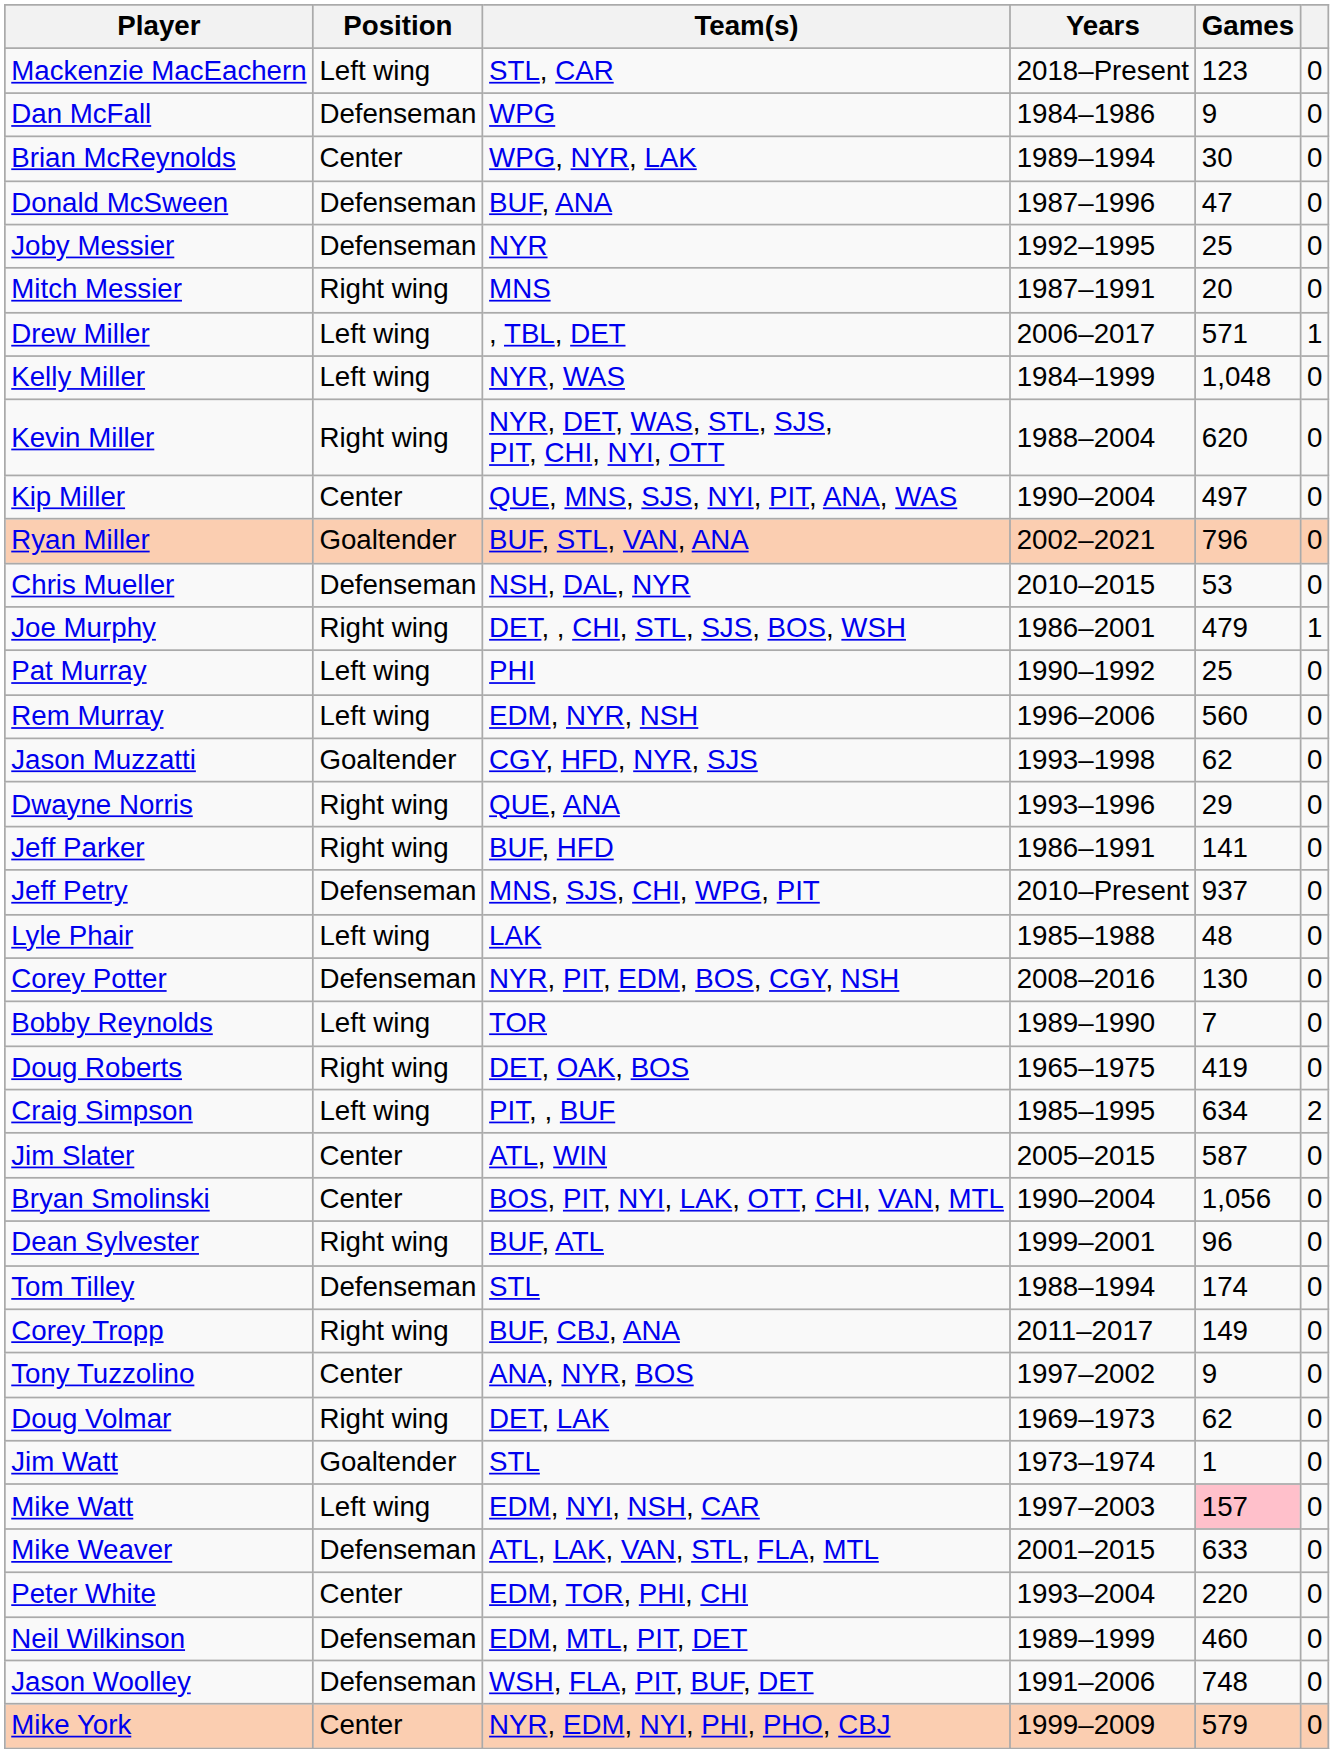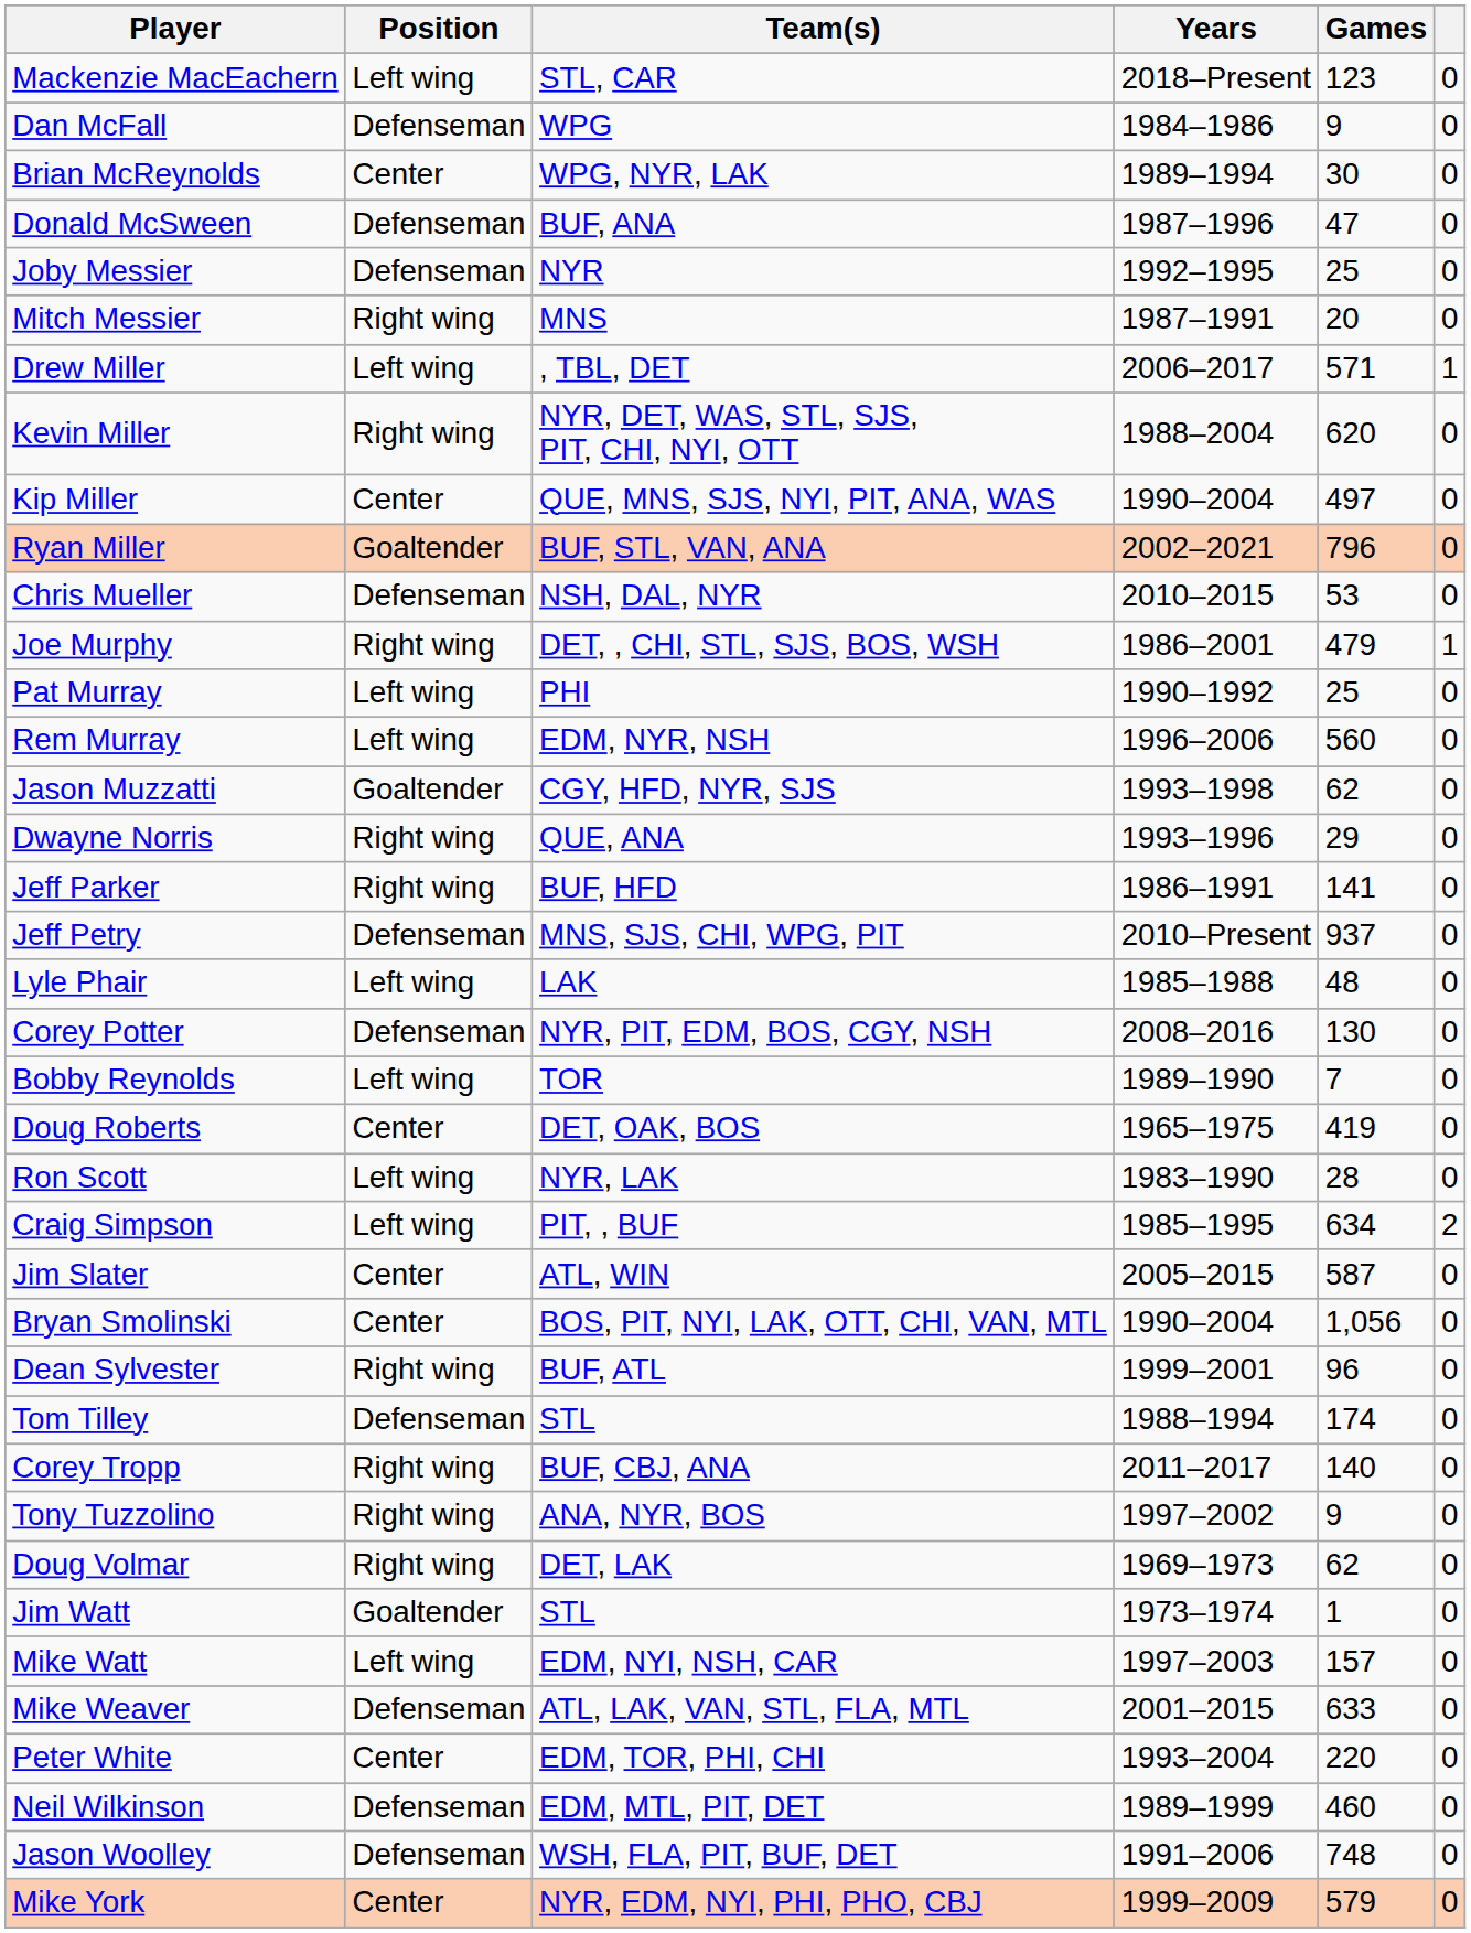 <table class="wikitable sortable">
 <tr>
 <th>Player</th>
 <th>Position</th>
 <th>Team(s)</th>
 <th>Years</th>
 <th>Games</th>
 <th><a href='#'></a></th>
 </tr>
 <tr>
 <td><a href='#'>Mackenzie MacEachern</a></td>
 <td>Left wing</td>
 <td><a href='#'>STL</a>, <a href='#'>CAR</a></td>
 <td>2018–Present</td>
 <td>123</td>
 <td>0</td>
 </tr>
 <tr>
 <td><a href='#'>Dan McFall</a></td>
 <td>Defenseman</td>
 <td><a href='#'>WPG</a></td>
 <td>1984–1986</td>
 <td>9</td>
 <td>0</td>
 </tr>
 <tr>
 <td><a href='#'>Brian McReynolds</a></td>
 <td>Center</td>
 <td><a href='#'>WPG</a>, <a href='#'>NYR</a>, <a href='#'>LAK</a></td>
 <td>1989–1994</td>
 <td>30</td>
 <td>0</td>
 </tr>
 <tr>
 <td><a href='#'>Donald McSween</a></td>
 <td>Defenseman</td>
 <td><a href='#'>BUF</a>, <a href='#'>ANA</a></td>
 <td>1987–1996</td>
 <td>47</td>
 <td>0</td>
 </tr>
 <tr>
 <td><a href='#'>Joby Messier</a></td>
 <td>Defenseman</td>
 <td><a href='#'>NYR</a></td>
 <td>1992–1995</td>
 <td>25</td>
 <td>0</td>
 </tr>
 <tr>
 <td><a href='#'>Mitch Messier</a></td>
 <td>Right wing</td>
 <td><a href='#'>MNS</a></td>
 <td>1987–1991</td>
 <td>20</td>
 <td>0</td>
 </tr>
 <tr>
 <td><a href='#'>Drew Miller</a></td>
 <td>Left wing</td>
 <td><span><strong></strong></span>, <a href='#'>TBL</a>, <a href='#'>DET</a></td>
 <td>2006–2017</td>
 <td>571</td>
 <td>1</td>
-</tr>
-<tr>
-<td><a href='#'>Kelly Miller</a></td>
-<td>Left wing</td>
-<td><a href='#'>NYR</a>, <a href='#'>WAS</a></td>
-<td>1984–1999</td>
-<td>1,048</td>
-<td>0</td>
 </tr>
 <tr>
 <td><a href='#'>Kevin Miller</a></td>
 <td>Right wing</td>
 <td><a href='#'>NYR</a>, <a href='#'>DET</a>, <a href='#'>WAS</a>, <a href='#'>STL</a>, <a href='#'>SJS</a>, <br><a href='#'>PIT</a>, <a href='#'>CHI</a>, <a href='#'>NYI</a>, <a href='#'>OTT</a></td>
 <td>1988–2004</td>
 <td>620</td>
 <td>0</td>
 </tr>
 <tr>
 <td><a href='#'>Kip Miller</a></td>
 <td>Center</td>
 <td><a href='#'>QUE</a>, <a href='#'>MNS</a>, <a href='#'>SJS</a>, <a href='#'>NYI</a>, <a href='#'>PIT</a>, <a href='#'>ANA</a>, <a href='#'>WAS</a></td>
 <td>1990–2004</td>
 <td>497</td>
 <td>0</td>
 </tr>
 <tr bgcolor=FBCEB1>
 <td><a href='#'>Ryan Miller</a></td>
 <td>Goaltender</td>
 <td><a href='#'>BUF</a>, <a href='#'>STL</a>, <a href='#'>VAN</a>, <a href='#'>ANA</a></td>
 <td>2002–2021</td>
 <td>796</td>
 <td>0</td>
 </tr>
 <tr>
 <td><a href='#'>Chris Mueller</a></td>
 <td>Defenseman</td>
 <td><a href='#'>NSH</a>, <a href='#'>DAL</a>, <a href='#'>NYR</a></td>
 <td>2010–2015</td>
 <td>53</td>
 <td>0</td>
 </tr>
 <tr>
 <td><a href='#'>Joe Murphy</a></td>
 <td>Right wing</td>
 <td><a href='#'>DET</a>, <span><strong></strong></span>, <a href='#'>CHI</a>, <a href='#'>STL</a>, <a href='#'>SJS</a>, <a href='#'>BOS</a>, <a href='#'>WSH</a></td>
 <td>1986–2001</td>
 <td>479</td>
 <td>1</td>
 </tr>
 <tr>
 <td><a href='#'>Pat Murray</a></td>
 <td>Left wing</td>
 <td><a href='#'>PHI</a></td>
 <td>1990–1992</td>
 <td>25</td>
 <td>0</td>
 </tr>
 <tr>
 <td><a href='#'>Rem Murray</a></td>
 <td>Left wing</td>
 <td><a href='#'>EDM</a>, <a href='#'>NYR</a>, <a href='#'>NSH</a></td>
 <td>1996–2006</td>
 <td>560</td>
 <td>0</td>
 </tr>
 <tr>
 <td><a href='#'>Jason Muzzatti</a></td>
 <td>Goaltender</td>
 <td><a href='#'>CGY</a>, <a href='#'>HFD</a>, <a href='#'>NYR</a>, <a href='#'>SJS</a></td>
 <td>1993–1998</td>
 <td>62</td>
 <td>0</td>
 </tr>
 <tr>
 <td><a href='#'>Dwayne Norris</a></td>
 <td>Right wing</td>
 <td><a href='#'>QUE</a>, <a href='#'>ANA</a></td>
 <td>1993–1996</td>
 <td>29</td>
 <td>0</td>
 </tr>
 <tr>
 <td><a href='#'>Jeff Parker</a></td>
 <td>Right wing</td>
 <td><a href='#'>BUF</a>, <a href='#'>HFD</a></td>
 <td>1986–1991</td>
 <td>141</td>
 <td>0</td>
 </tr>
 <tr>
 <td><a href='#'>Jeff Petry</a></td>
 <td>Defenseman</td>
 <td><a href='#'>MNS</a>, <a href='#'>SJS</a>, <a href='#'>CHI</a>, <a href='#'>WPG</a>, <a href='#'>PIT</a></td>
 <td>2010–Present</td>
 <td>937</td>
 <td>0</td>
 </tr>
 <tr>
 <td><a href='#'>Lyle Phair</a></td>
 <td>Left wing</td>
 <td><a href='#'>LAK</a></td>
 <td>1985–1988</td>
 <td>48</td>
 <td>0</td>
 </tr>
 <tr>
 <td><a href='#'>Corey Potter</a></td>
 <td>Defenseman</td>
 <td><a href='#'>NYR</a>, <a href='#'>PIT</a>, <a href='#'>EDM</a>, <a href='#'>BOS</a>, <a href='#'>CGY</a>, <a href='#'>NSH</a></td>
 <td>2008–2016</td>
 <td>130</td>
 <td>0</td>
 </tr>
 <tr>
 <td><a href='#'>Bobby Reynolds</a></td>
 <td>Left wing</td>
 <td><a href='#'>TOR</a></td>
 <td>1989–1990</td>
 <td>7</td>
 <td>0</td>
 </tr>
 <tr>
 <td><a href='#'>Doug Roberts</a></td>
-<td>Right wing</td>
+<td>Center</td>
 <td><a href='#'>DET</a>, <a href='#'>OAK</a>, <a href='#'>BOS</a></td>
 <td>1965–1975</td>
 <td>419</td>
+<td>0</td>
+</tr>
+<tr>
+<td><a href='#'>Ron Scott</a></td>
+<td>Left wing</td>
+<td><a href='#'>NYR</a>, <a href='#'>LAK</a></td>
+<td>1983–1990</td>
+<td>28</td>
 <td>0</td>
 </tr>
 <tr>
 <td><a href='#'>Craig Simpson</a></td>
 <td>Left wing</td>
 <td><a href='#'>PIT</a>, <span><strong></strong></span>, <a href='#'>BUF</a></td>
 <td>1985–1995</td>
 <td>634</td>
 <td>2</td>
 </tr>
 <tr>
 <td><a href='#'>Jim Slater</a></td>
 <td>Center</td>
 <td><a href='#'>ATL</a>, <a href='#'>WIN</a></td>
 <td>2005–2015</td>
 <td>587</td>
 <td>0</td>
 </tr>
 <tr>
 <td><a href='#'>Bryan Smolinski</a></td>
 <td>Center</td>
 <td><a href='#'>BOS</a>, <a href='#'>PIT</a>, <a href='#'>NYI</a>, <a href='#'>LAK</a>, <a href='#'>OTT</a>, <a href='#'>CHI</a>, <a href='#'>VAN</a>, <a href='#'>MTL</a></td>
 <td>1990–2004</td>
 <td>1,056</td>
 <td>0</td>
 </tr>
 <tr>
 <td><a href='#'>Dean Sylvester</a></td>
 <td>Right wing</td>
 <td><a href='#'>BUF</a>, <a href='#'>ATL</a></td>
 <td>1999–2001</td>
 <td>96</td>
 <td>0</td>
 </tr>
 <tr>
 <td><a href='#'>Tom Tilley</a></td>
 <td>Defenseman</td>
 <td><a href='#'>STL</a></td>
 <td>1988–1994</td>
 <td>174</td>
 <td>0</td>
 </tr>
 <tr>
 <td><a href='#'>Corey Tropp</a></td>
 <td>Right wing</td>
 <td><a href='#'>BUF</a>, <a href='#'>CBJ</a>, <a href='#'>ANA</a></td>
 <td>2011–2017</td>
-<td>149</td>
+<td>140</td>
 <td>0</td>
 </tr>
 <tr>
 <td><a href='#'>Tony Tuzzolino</a></td>
-<td>Center</td>
+<td>Right wing</td>
 <td><a href='#'>ANA</a>, <a href='#'>NYR</a>, <a href='#'>BOS</a></td>
 <td>1997–2002</td>
 <td>9</td>
 <td>0</td>
 </tr>
 <tr>
 <td><a href='#'>Doug Volmar</a></td>
 <td>Right wing</td>
 <td><a href='#'>DET</a>, <a href='#'>LAK</a></td>
 <td>1969–1973</td>
 <td>62</td>
 <td>0</td>
 </tr>
 <tr>
 <td><a href='#'>Jim Watt</a></td>
 <td>Goaltender</td>
 <td><a href='#'>STL</a></td>
 <td>1973–1974</td>
 <td>1</td>
 <td>0</td>
 </tr>
 <tr>
 <td><a href='#'>Mike Watt</a></td>
 <td>Left wing</td>
 <td><a href='#'>EDM</a>, <a href='#'>NYI</a>, <a href='#'>NSH</a>, <a href='#'>CAR</a></td>
 <td>1997–2003</td>
-<td style="background: pink;">157</td>
+<td>157</td>
 <td>0</td>
 </tr>
 <tr>
 <td><a href='#'>Mike Weaver</a></td>
 <td>Defenseman</td>
 <td><a href='#'>ATL</a>, <a href='#'>LAK</a>, <a href='#'>VAN</a>, <a href='#'>STL</a>, <a href='#'>FLA</a>, <a href='#'>MTL</a></td>
 <td>2001–2015</td>
 <td>633</td>
 <td>0</td>
 </tr>
 <tr>
 <td><a href='#'>Peter White</a></td>
 <td>Center</td>
 <td><a href='#'>EDM</a>, <a href='#'>TOR</a>, <a href='#'>PHI</a>, <a href='#'>CHI</a></td>
 <td>1993–2004</td>
 <td>220</td>
 <td>0</td>
 </tr>
 <tr>
 <td><a href='#'>Neil Wilkinson</a></td>
 <td>Defenseman</td>
 <td><a href='#'>EDM</a>, <a href='#'>MTL</a>, <a href='#'>PIT</a>, <a href='#'>DET</a></td>
 <td>1989–1999</td>
 <td>460</td>
 <td>0</td>
 </tr>
 <tr>
 <td><a href='#'>Jason Woolley</a></td>
 <td>Defenseman</td>
 <td><a href='#'>WSH</a>, <a href='#'>FLA</a>, <a href='#'>PIT</a>, <a href='#'>BUF</a>, <a href='#'>DET</a></td>
 <td>1991–2006</td>
 <td>748</td>
 <td>0</td>
 </tr>
 <tr bgcolor=FBCEB1>
 <td><a href='#'>Mike York</a></td>
 <td>Center</td>
 <td><a href='#'>NYR</a>, <a href='#'>EDM</a>, <a href='#'>NYI</a>, <a href='#'>PHI</a>, <a href='#'>PHO</a>, <a href='#'>CBJ</a></td>
 <td>1999–2009</td>
 <td>579</td>
 <td>0</td>
 </tr>
 <tr>
 </tr>
 </table>
